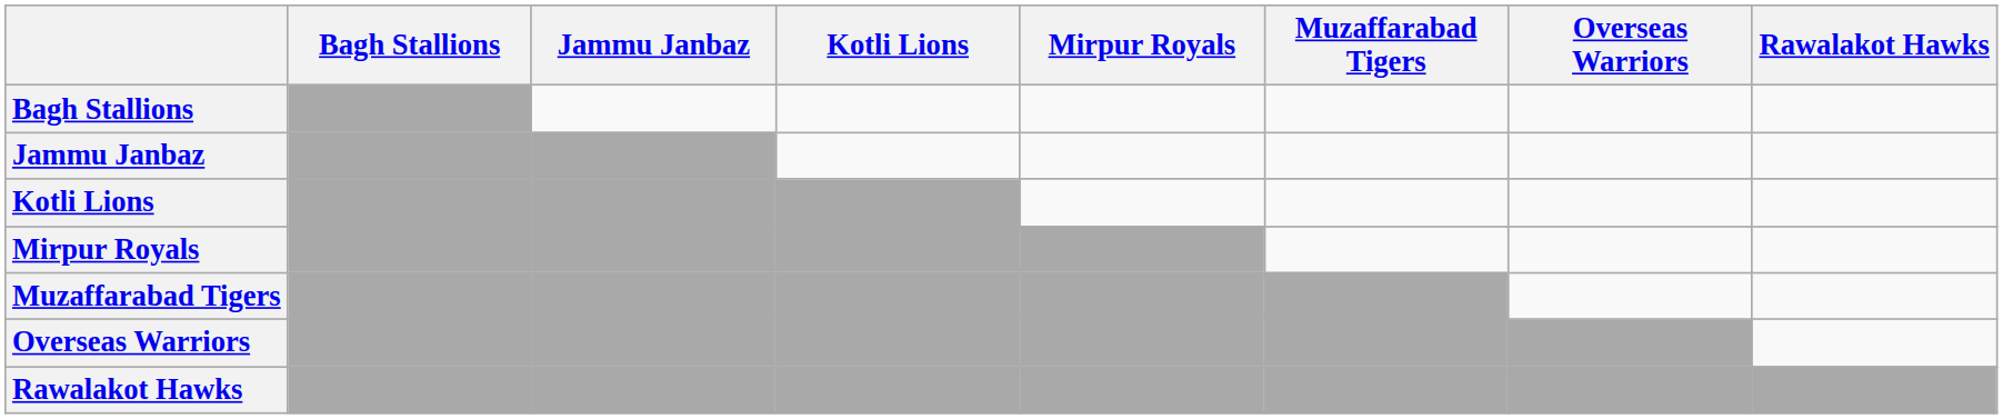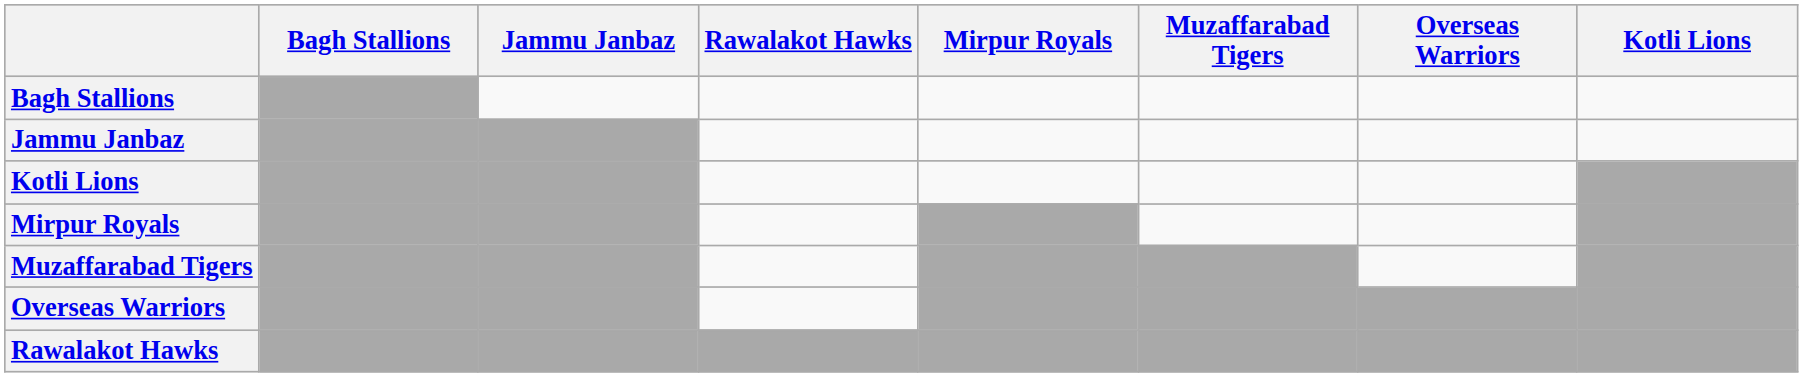 <table class="wikitable">
 <tr>
 <th></th>
 <th width=125px><a href='#'>Bagh Stallions</a></th>
 <th width=125px><a href='#'>Jammu Janbaz</a></th>
-<th width=125px><a href='#'>Kotli Lions</a></th>
+<th width=125px><a href='#'>Rawalakot Hawks</a></th>
 <th width=125px><a href='#'>Mirpur Royals</a></th>
 <th width=125px><a href='#'>Muzaffarabad Tigers</a></th>
 <th width=125px><a href='#'>Overseas Warriors</a></th>
-<th width=125px><a href='#'>Rawalakot Hawks</a></th>
+<th width=125px><a href='#'>Kotli Lions</a></th>
 </tr>
 <tr>
 <th style="text-align: left;"><a href='#'>Bagh Stallions</a></th>
 <td style="background:darkgray"></td>
 <td></td>
 <td></td>
 <td></td>
 <td></td>
 <td></td>
 <td></td>
 </tr>
 <tr>
 <th style="text-align: left;"><a href='#'>Jammu Janbaz</a></th>
 <td style="background:darkgray"></td>
 <td style="background:darkgray"></td>
 <td></td>
 <td></td>
 <td></td>
 <td></td>
 <td></td>
 </tr>
 <tr>
 <th style="text-align: left;"><a href='#'>Kotli Lions</a></th>
 <td style="background:darkgray"></td>
 <td style="background:darkgray"></td>
-<td style="background:darkgray"></td>
 <td></td>
 <td></td>
 <td></td>
 <td></td>
+<td style="background:darkgray"></td>
 </tr>
 <tr>
 <th style="text-align: left;"><a href='#'>Mirpur Royals</a></th>
 <td style="background:darkgray"></td>
 <td style="background:darkgray"></td>
-<td style="background:darkgray"></td>
+<td></td>
 <td style="background:darkgray"></td>
 <td></td>
 <td></td>
-<td></td>
+<td style="background:darkgray"></td>
 </tr>
 <tr>
 <th style="text-align: left;"><a href='#'>Muzaffarabad Tigers</a></th>
 <td style="background:darkgray"></td>
 <td style="background:darkgray"></td>
-<td style="background:darkgray"></td>
+<td></td>
 <td style="background:darkgray"></td>
 <td style="background:darkgray"></td>
 <td></td>
-<td></td>
+<td style="background:darkgray"></td>
 </tr>
 <tr>
 <th style="text-align: left;"><a href='#'>Overseas Warriors</a></th>
 <td style="background:darkgray"></td>
 <td style="background:darkgray"></td>
+<td></td>
 <td style="background:darkgray"></td>
 <td style="background:darkgray"></td>
 <td style="background:darkgray"></td>
 <td style="background:darkgray"></td>
-<td></td>
 </tr>
 <tr>
 <th style="text-align: left;"><a href='#'>Rawalakot Hawks</a></th>
 <td style="background:darkgray"></td>
 <td style="background:darkgray"></td>
 <td style="background:darkgray"></td>
 <td style="background:darkgray"></td>
 <td style="background:darkgray"></td>
 <td style="background:darkgray"></td>
 <td style="background:darkgray"></td>
 </tr>
 </table>
